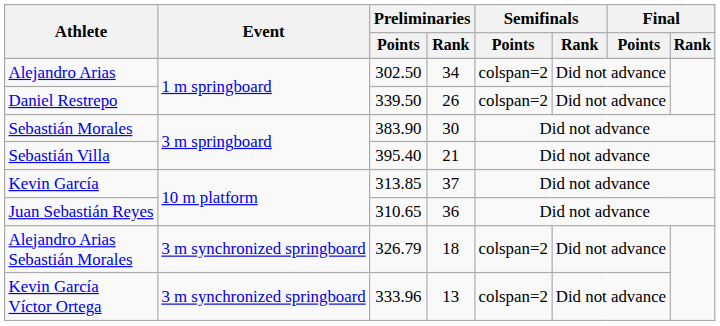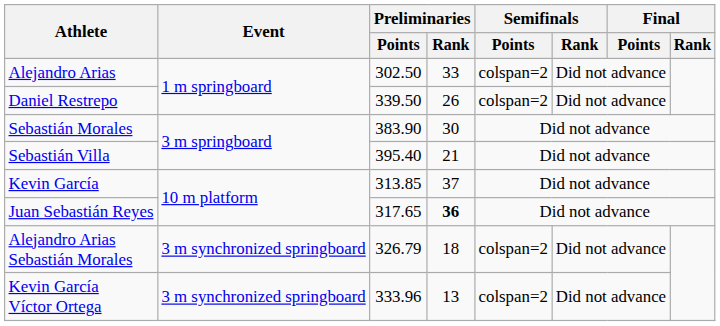 <table class=wikitable style="font-size:90%;">
 <tr>
 <th rowspan="2">Athlete</th>
 <th rowspan="2">Event</th>
 <th colspan="2">Preliminaries</th>
 <th colspan="2">Semifinals</th>
 <th colspan="2">Final</th>
 </tr>
 <tr style="font-size:95%">
 <th>Points</th>
 <th>Rank</th>
 <th>Points</th>
 <th>Rank</th>
 <th>Points</th>
 <th>Rank</th>
 </tr>
 <tr align=center>
 <td align=left><a href='#'>Alejandro Arias</a></td>
 <td align=left rowspan=2><a href='#'>1 m springboard</a></td>
 <td>302.50</td>
-<td>34</td>
+<td>33</td>
 <td>colspan=2 </td>
 <td colspan=2>Did not advance</td>
 </tr>
 <tr align=center>
 <td align=left><a href='#'>Daniel Restrepo</a></td>
 <td>339.50</td>
 <td>26</td>
 <td>colspan=2 </td>
 <td colspan=2>Did not advance</td>
 </tr>
 <tr align=center>
 <td align=left><a href='#'>Sebastián Morales</a></td>
 <td align=left rowspan=2><a href='#'>3 m springboard</a></td>
 <td>383.90</td>
 <td>30</td>
 <td colspan=4>Did not advance</td>
 </tr>
 <tr align=center>
 <td align=left><a href='#'>Sebastián Villa</a></td>
 <td>395.40</td>
 <td>21</td>
 <td colspan=4>Did not advance</td>
 </tr>
 <tr align=center>
 <td align=left><a href='#'>Kevin García</a></td>
 <td align=left rowspan=2><a href='#'>10 m platform</a></td>
 <td>313.85</td>
 <td>37</td>
 <td colspan=4>Did not advance</td>
 </tr>
 <tr align=center>
 <td align=left><a href='#'>Juan Sebastián Reyes</a></td>
-<td>310.65</td>
-<td>36</td>
+<td>317.65</td>
+<td><strong>36</strong></td>
 <td colspan=4>Did not advance</td>
 </tr>
 <tr align=center>
 <td align=left><a href='#'>Alejandro Arias</a><br><a href='#'>Sebastián Morales</a></td>
 <td align=left><a href='#'>3 m synchronized springboard</a></td>
 <td>326.79</td>
 <td>18</td>
 <td>colspan=2 </td>
 <td colspan=2>Did not advance</td>
 </tr>
 <tr align=center>
 <td align=left><a href='#'>Kevin García</a><br><a href='#'>Víctor Ortega</a></td>
 <td align=left><a href='#'>3 m synchronized springboard</a></td>
 <td>333.96</td>
 <td>13</td>
 <td>colspan=2 </td>
 <td colspan=2>Did not advance</td>
 </tr>
 </table>
